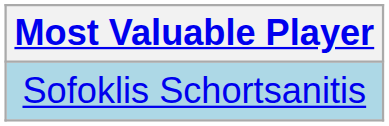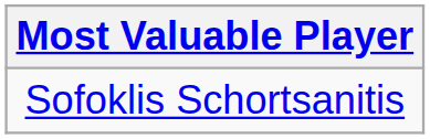 <table class=wikitable style="text-align:center; margin:auto">
 <tr>
 <th><a href='#'>Most Valuable Player</a></th>
 </tr>
 <tr>
-<td style="background: lightblue;"> <a href='#'>Sofoklis Schortsanitis</a></td>
+<td> <a href='#'>Sofoklis Schortsanitis</a></td>
 </tr>
 </table>
